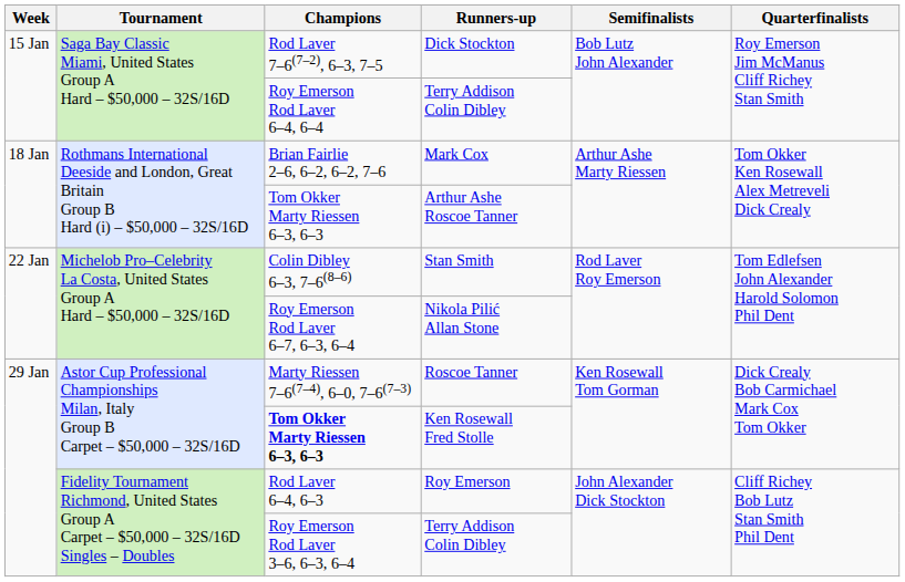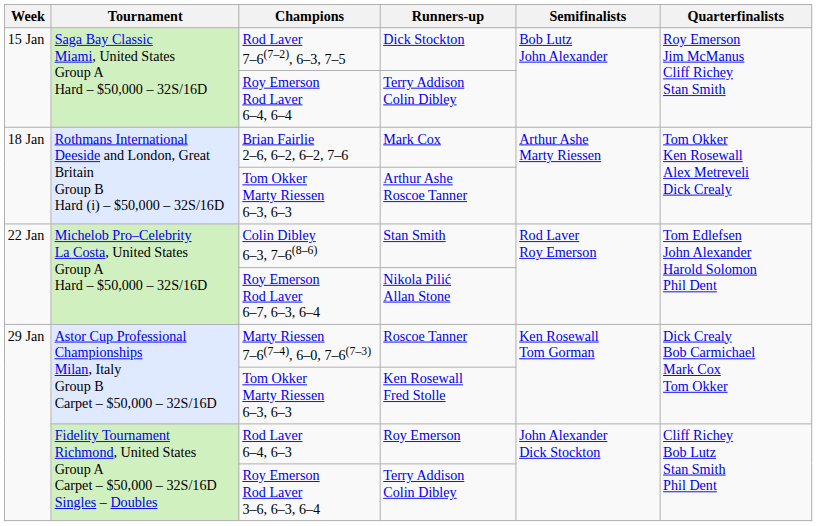 <table class=wikitable style=font-size:95%>
 <tr>
 <th style="width:48px;">Week</th>
 <th style="width:260px;">Tournament</th>
 <th style="width:190px;">Champions</th>
 <th style="width:190px;">Runners-up</th>
 <th style="width:190px;">Semifinalists</th>
 <th style="width:190px;">Quarterfinalists</th>
 </tr>
 <tr valign=top>
 <td rowspan="2">15 Jan</td>
 <td style="background:#d0f0c0;" rowspan="2"><a href='#'>Saga Bay Classic</a><br> <a href='#'>Miami</a>, United States<br>Group A<br>Hard – $50,000 – 32S/16D</td>
 <td> <a href='#'>Rod Laver</a><br>7–6<sup>(7–2)</sup>, 6–3, 7–5</td>
 <td> <a href='#'>Dick Stockton</a></td>
 <td rowspan=2> <a href='#'>Bob Lutz</a> <br>  <a href='#'>John Alexander</a></td>
 <td rowspan=2> <a href='#'>Roy Emerson</a> <br>  <a href='#'>Jim McManus</a><br>  <a href='#'>Cliff Richey</a><br>  <a href='#'>Stan Smith</a></td>
 </tr>
 <tr valign=top>
 <td> <a href='#'>Roy Emerson</a><br> <a href='#'>Rod Laver</a><br>6–4, 6–4</td>
 <td> <a href='#'>Terry Addison</a><br> <a href='#'>Colin Dibley</a></td>
 </tr>
 <tr valign=top>
 <td rowspan="2">18 Jan</td>
 <td style="background:#DFE9FF;" rowspan="2"><a href='#'>Rothmans International</a><br> <a href='#'>Deeside</a> and London, Great Britain<br>Group B<br>Hard (i) – $50,000 – 32S/16D</td>
 <td> <a href='#'>Brian Fairlie</a><br>2–6, 6–2, 6–2, 7–6</td>
 <td> <a href='#'>Mark Cox</a></td>
 <td rowspan="2">  <a href='#'>Arthur Ashe</a> <br>  <a href='#'>Marty Riessen</a></td>
 <td rowspan="2"> <a href='#'>Tom Okker</a> <br>  <a href='#'>Ken Rosewall</a> <br>  <a href='#'>Alex Metreveli</a> <br>  <a href='#'>Dick Crealy</a></td>
 </tr>
 <tr valign=top>
 <td> <a href='#'>Tom Okker</a><br> <a href='#'>Marty Riessen</a><br>6–3, 6–3</td>
 <td> <a href='#'>Arthur Ashe</a><br> <a href='#'>Roscoe Tanner</a></td>
 </tr>
 <tr valign=top>
 <td rowspan="2">22 Jan</td>
 <td style="background:#d0f0c0;" rowspan="2"><a href='#'>Michelob Pro–Celebrity</a><br> <a href='#'>La Costa</a>, United States<br>Group A<br>Hard – $50,000 – 32S/16D</td>
 <td> <a href='#'>Colin Dibley</a><br>6–3, 7–6<sup>(8–6)</sup></td>
 <td> <a href='#'>Stan Smith</a></td>
 <td rowspan=2> <a href='#'>Rod Laver</a> <br> <a href='#'>Roy Emerson</a></td>
 <td rowspan=2> <a href='#'>Tom Edlefsen</a> <br>  <a href='#'>John Alexander</a> <br>  <a href='#'>Harold Solomon</a> <br>  <a href='#'>Phil Dent</a></td>
 </tr>
 <tr valign=top>
 <td> <a href='#'>Roy Emerson</a><br> <a href='#'>Rod Laver</a><br>6–7, 6–3, 6–4</td>
 <td> <a href='#'>Nikola Pilić</a><br> <a href='#'>Allan Stone</a></td>
 </tr>
 <tr valign=top>
 <td rowspan="4">29 Jan</td>
 <td style="background:#DFE9FF;" rowspan="2"><a href='#'>Astor Cup Professional Championships</a><br> <a href='#'>Milan</a>, Italy<br>Group B<br>Carpet – $50,000 – 32S/16D</td>
 <td> <a href='#'>Marty Riessen</a><br>7–6<sup>(7–4)</sup>, 6–0, 7–6<sup>(7–3)</sup></td>
 <td> <a href='#'>Roscoe Tanner</a></td>
 <td rowspan="2"> <a href='#'>Ken Rosewall</a> <br>  <a href='#'>Tom Gorman</a></td>
 <td rowspan="2"> <a href='#'>Dick Crealy</a> <br>  <a href='#'>Bob Carmichael</a> <br>  <a href='#'>Mark Cox</a> <br>  <a href='#'>Tom Okker</a></td>
 </tr>
 <tr valign=top>
-<td><strong> <a href='#'>Tom Okker</a><br> <a href='#'>Marty Riessen</a><br>6–3, 6–3</strong></td>
+<td> <a href='#'>Tom Okker</a><br> <a href='#'>Marty Riessen</a><br>6–3, 6–3</td>
 <td> <a href='#'>Ken Rosewall</a><br> <a href='#'>Fred Stolle</a></td>
 </tr>
 <tr valign=top>
 <td style="background:#d0f0c0;" rowspan="2"><a href='#'>Fidelity Tournament</a><br> <a href='#'>Richmond</a>, United States<br>Group A<br>Carpet – $50,000 – 32S/16D <br> <a href='#'>Singles</a> – <a href='#'>Doubles</a></td>
 <td> <a href='#'>Rod Laver</a><br>6–4, 6–3</td>
 <td> <a href='#'>Roy Emerson</a></td>
 <td rowspan=2> <a href='#'>John Alexander</a> <br> <a href='#'>Dick Stockton</a></td>
 <td rowspan=2> <a href='#'>Cliff Richey</a><br>  <a href='#'>Bob Lutz</a> <br>  <a href='#'>Stan Smith</a> <br>  <a href='#'>Phil Dent</a></td>
 </tr>
 <tr valign=top>
 <td> <a href='#'>Roy Emerson</a><br> <a href='#'>Rod Laver</a><br>3–6, 6–3, 6–4</td>
 <td> <a href='#'>Terry Addison</a><br> <a href='#'>Colin Dibley</a></td>
 </tr>
 </table>
